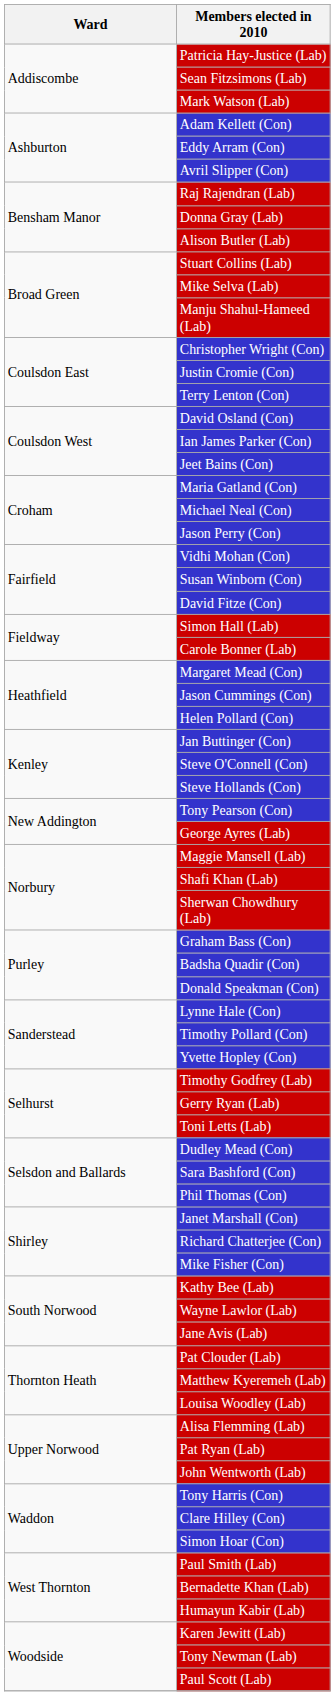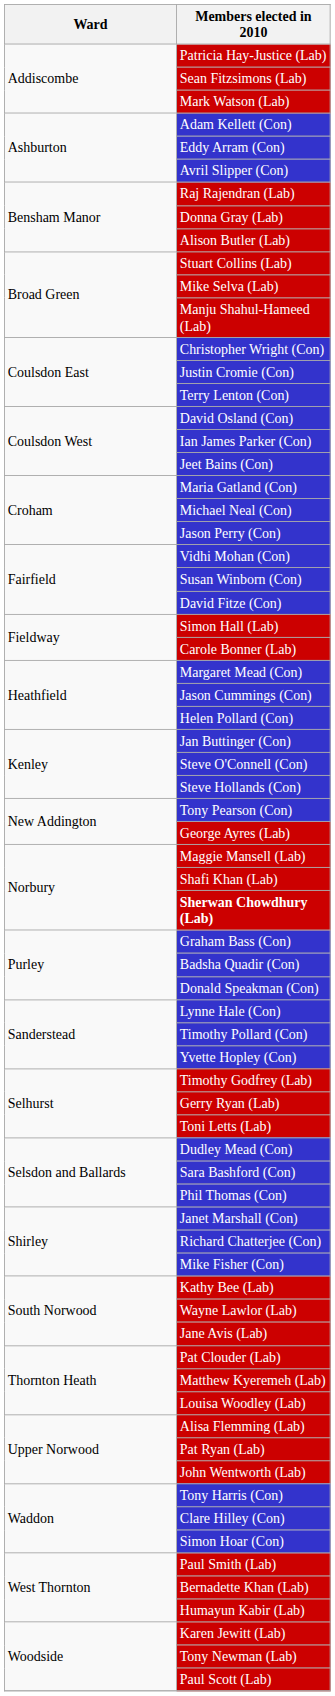 <table class="wikitable" style="font-size: 95%; clear:both">
 <tr>
 <th width=180>Ward</th>
 <th width=160>Members elected in 2010</th>
 </tr>
 <tr>
 <td rowspan=3>Addiscombe</td>
 <td style="background:#cc0000; color:white">Patricia Hay-Justice (Lab)</td>
 </tr>
 <tr>
 <td style="background:#cc0000; color:white">Sean Fitzsimons (Lab)</td>
 </tr>
 <tr>
 <td style="background:#cc0000; color:white">Mark Watson (Lab)</td>
 </tr>
 <tr>
 <td rowspan=3>Ashburton</td>
 <td style="background:#3333cc; color:white">Adam Kellett (Con)</td>
 </tr>
 <tr>
 <td style="background:#3333cc; color:white">Eddy Arram (Con)</td>
 </tr>
 <tr>
 <td style="background:#3333cc; color:white">Avril Slipper (Con)</td>
 </tr>
 <tr>
 <td rowspan=3>Bensham Manor</td>
 <td style="background:#cc0000; color:white">Raj Rajendran (Lab)</td>
 </tr>
 <tr>
 <td style="background:#cc0000; color:white">Donna Gray (Lab)</td>
 </tr>
 <tr>
 <td style="background:#cc0000; color:white">Alison Butler (Lab)</td>
 </tr>
 <tr>
 <td rowspan=3>Broad Green</td>
 <td style="background:#cc0000; color:white">Stuart Collins (Lab)</td>
 </tr>
 <tr>
 <td style="background:#cc0000; color:white">Mike Selva (Lab)</td>
 </tr>
 <tr>
 <td style="background:#cc0000; color:white">Manju Shahul-Hameed (Lab)</td>
 </tr>
 <tr>
 <td rowspan=3>Coulsdon East</td>
 <td style="background:#3333cc; color:white">Christopher Wright (Con)</td>
 </tr>
 <tr>
 <td style="background:#3333cc; color:white">Justin Cromie (Con)</td>
 </tr>
 <tr>
 <td style="background:#3333cc; color:white">Terry Lenton (Con)</td>
 </tr>
 <tr>
 <td rowspan=3>Coulsdon West</td>
 <td style="background:#3333cc; color:white">David Osland (Con)</td>
 </tr>
 <tr>
 <td style="background:#3333cc; color:white">Ian James Parker (Con)</td>
 </tr>
 <tr>
 <td style="background:#3333cc; color:white">Jeet Bains (Con)</td>
 </tr>
 <tr>
 <td rowspan=3>Croham</td>
 <td style="background:#3333cc; color:white">Maria Gatland (Con)</td>
 </tr>
 <tr>
 <td style="background:#3333cc; color:white">Michael Neal (Con)</td>
 </tr>
 <tr>
 <td style="background:#3333cc; color:white">Jason Perry (Con)</td>
 </tr>
 <tr>
 <td rowspan=3>Fairfield</td>
 <td style="background:#3333cc; color:white">Vidhi Mohan (Con)</td>
 </tr>
 <tr>
 <td style="background:#3333cc; color:white">Susan Winborn (Con)</td>
 </tr>
 <tr>
 <td style="background:#3333cc; color:white">David Fitze (Con)</td>
 </tr>
 <tr>
 <td rowspan=2>Fieldway</td>
 <td style="background:#cc0000; color:white">Simon Hall (Lab)</td>
 </tr>
 <tr>
 <td style="background:#cc0000; color:white">Carole Bonner (Lab)</td>
 </tr>
 <tr>
 <td rowspan=3>Heathfield</td>
 <td style="background:#3333cc; color:white">Margaret Mead (Con)</td>
 </tr>
 <tr>
 <td style="background:#3333cc; color:white">Jason Cummings (Con)</td>
 </tr>
 <tr>
 <td style="background:#3333cc; color:white">Helen Pollard (Con)</td>
 </tr>
 <tr>
 <td rowspan=3>Kenley</td>
 <td style="background:#3333cc; color:white">Jan Buttinger (Con)</td>
 </tr>
 <tr>
 <td style="background:#3333cc; color:white">Steve O'Connell (Con)</td>
 </tr>
 <tr>
 <td style="background:#3333cc; color:white">Steve Hollands (Con)</td>
 </tr>
 <tr>
 <td rowspan=2>New Addington</td>
 <td style="background:#3333cc; color:white">Tony Pearson (Con)</td>
 </tr>
 <tr>
 <td style="background:#cc0000; color:white">George Ayres (Lab)</td>
 </tr>
 <tr>
 <td rowspan=3>Norbury</td>
 <td style="background:#cc0000; color:white">Maggie Mansell (Lab)</td>
 </tr>
 <tr>
 <td style="background:#cc0000; color:white">Shafi Khan (Lab)</td>
 </tr>
 <tr>
-<td style="background:#cc0000; color:white">Sherwan Chowdhury (Lab)</td>
+<td style="background:#cc0000; color:white"><strong>Sherwan Chowdhury (Lab)</strong></td>
 </tr>
 <tr>
 <td rowspan=3>Purley</td>
 <td style="background:#3333cc; color:white">Graham Bass (Con)</td>
 </tr>
 <tr>
 <td style="background:#3333cc; color:white">Badsha Quadir (Con)</td>
 </tr>
 <tr>
 <td style="background:#3333cc; color:white">Donald Speakman (Con)</td>
 </tr>
 <tr>
 <td rowspan=3>Sanderstead</td>
 <td style="background:#3333cc; color:white">Lynne Hale (Con)</td>
 </tr>
 <tr>
 <td style="background:#3333cc; color:white">Timothy Pollard (Con)</td>
 </tr>
 <tr>
 <td style="background:#3333cc; color:white">Yvette Hopley (Con)</td>
 </tr>
 <tr>
 <td rowspan=3>Selhurst</td>
 <td style="background:#cc0000; color:white">Timothy Godfrey (Lab)</td>
 </tr>
 <tr>
 <td style="background:#cc0000; color:white">Gerry Ryan (Lab)</td>
 </tr>
 <tr>
 <td style="background:#cc0000; color:white">Toni Letts (Lab)</td>
 </tr>
 <tr>
 <td rowspan=3>Selsdon and Ballards</td>
 <td style="background:#3333cc; color:white">Dudley Mead (Con)</td>
 </tr>
 <tr>
 <td style="background:#3333cc; color:white">Sara Bashford (Con)</td>
 </tr>
 <tr>
 <td style="background:#3333cc; color:white">Phil Thomas (Con)</td>
 </tr>
 <tr>
 <td rowspan=3>Shirley</td>
 <td style="background:#3333cc; color:white">Janet Marshall (Con)</td>
 </tr>
 <tr>
 <td style="background:#3333cc; color:white">Richard Chatterjee (Con)</td>
 </tr>
 <tr>
 <td style="background:#3333cc; color:white">Mike Fisher (Con)</td>
 </tr>
 <tr>
 <td rowspan=3>South Norwood</td>
 <td style="background:#cc0000; color:white">Kathy Bee (Lab)</td>
 </tr>
 <tr>
 <td style="background:#cc0000; color:white">Wayne Lawlor (Lab)</td>
 </tr>
 <tr>
 <td style="background:#cc0000; color:white">Jane Avis (Lab)</td>
 </tr>
 <tr>
 <td rowspan=3>Thornton Heath</td>
 <td style="background:#cc0000; color:white">Pat Clouder (Lab)</td>
 </tr>
 <tr>
 <td style="background:#cc0000; color:white">Matthew Kyeremeh (Lab)</td>
 </tr>
 <tr>
 <td style="background:#cc0000; color:white">Louisa Woodley (Lab)</td>
 </tr>
 <tr>
 <td rowspan=3>Upper Norwood</td>
 <td style="background:#cc0000; color:white">Alisa Flemming (Lab)</td>
 </tr>
 <tr>
 <td style="background:#cc0000; color:white">Pat Ryan (Lab)</td>
 </tr>
 <tr>
 <td style="background:#cc0000; color:white">John Wentworth (Lab)</td>
 </tr>
 <tr>
 <td rowspan=3>Waddon</td>
 <td style="background:#3333cc; color:white">Tony Harris (Con)</td>
 </tr>
 <tr>
 <td style="background:#3333cc; color:white">Clare Hilley (Con)</td>
 </tr>
 <tr>
 <td style="background:#3333cc; color:white">Simon Hoar (Con)</td>
 </tr>
 <tr>
 <td rowspan=3>West Thornton</td>
 <td style="background:#cc0000; color:white">Paul Smith (Lab)</td>
 </tr>
 <tr>
 <td style="background:#cc0000; color:white">Bernadette Khan (Lab)</td>
 </tr>
 <tr>
 <td style="background:#cc0000; color:white">Humayun Kabir (Lab)</td>
 </tr>
 <tr>
 <td rowspan=3>Woodside</td>
 <td style="background:#cc0000; color:white">Karen Jewitt (Lab)</td>
 </tr>
 <tr>
 <td style="background:#cc0000; color:white">Tony Newman (Lab)</td>
 </tr>
 <tr>
 <td style="background:#cc0000; color:white">Paul Scott (Lab)</td>
 </tr>
 <tr>
 </tr>
 </table>
